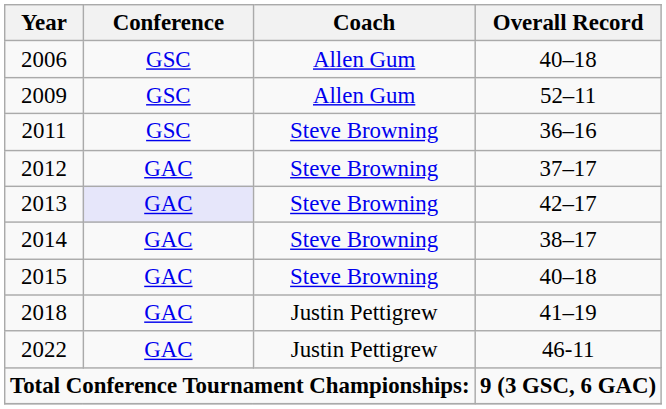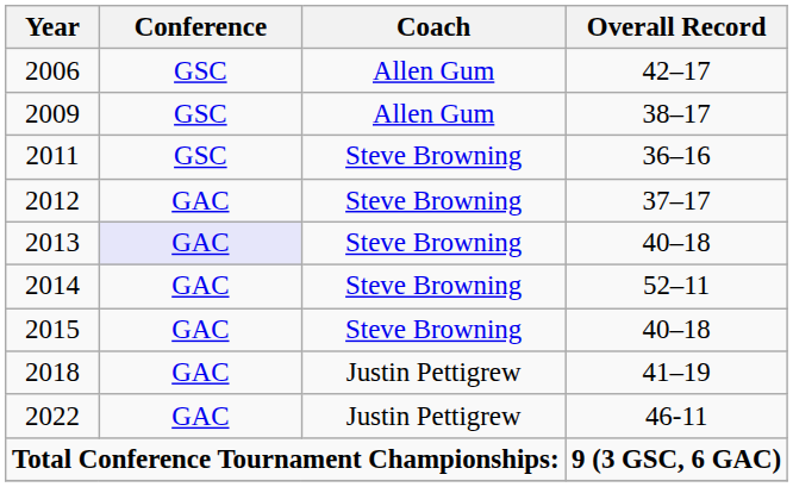 <table class="wikitable" style="text-align:center">
 <tr>
 <th>Year</th>
 <th>Conference</th>
 <th>Coach</th>
 <th>Overall Record</th>
 </tr>
 <tr align="center">
 <td>2006</td>
 <td><a href='#'>GSC</a></td>
 <td><a href='#'>Allen Gum</a></td>
-<td>40–18</td>
+<td>42–17</td>
 </tr>
 <tr align="center">
 <td>2009</td>
 <td><a href='#'>GSC</a></td>
 <td><a href='#'>Allen Gum</a></td>
-<td>52–11</td>
+<td>38–17</td>
 </tr>
 <tr align="center">
 <td>2011</td>
 <td><a href='#'>GSC</a></td>
 <td><a href='#'>Steve Browning</a></td>
 <td>36–16</td>
 </tr>
 <tr align="center">
 <td>2012</td>
 <td><a href='#'>GAC</a></td>
 <td><a href='#'>Steve Browning</a></td>
 <td>37–17</td>
 </tr>
 <tr align="center">
 <td>2013</td>
 <td style="background: lavender;"><a href='#'>GAC</a></td>
 <td><a href='#'>Steve Browning</a></td>
-<td>42–17</td>
+<td>40–18</td>
 </tr>
 <tr align="center">
 <td>2014</td>
 <td><a href='#'>GAC</a></td>
 <td><a href='#'>Steve Browning</a></td>
-<td>38–17</td>
+<td>52–11</td>
 </tr>
 <tr align="center">
 <td>2015</td>
 <td><a href='#'>GAC</a></td>
 <td><a href='#'>Steve Browning</a></td>
 <td>40–18</td>
 </tr>
 <tr align="center">
 <td>2018</td>
 <td><a href='#'>GAC</a></td>
 <td>Justin Pettigrew</td>
 <td>41–19</td>
 </tr>
 <tr align="center">
 <td>2022</td>
 <td><a href='#'>GAC</a></td>
 <td>Justin Pettigrew</td>
 <td>46-11</td>
 </tr>
 <tr align="center">
 <td colspan=3><strong>Total Conference Tournament Championships:</strong></td>
 <td colspan=2><strong>9 (3 GSC, 6 GAC)</strong></td>
 </tr>
 <tr>
 </tr>
 </table>
